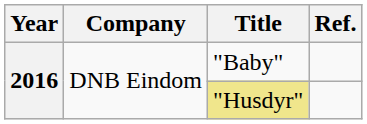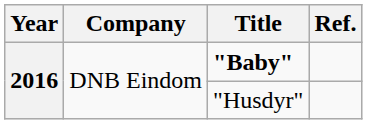 <table class="wikitable sortable plainrowheaders">
 <tr>
 <th scope="col">Year</th>
 <th scope="col">Company</th>
 <th scope="col">Title</th>
 <th scope="col">Ref.</th>
 </tr>
 <tr>
 <th scope="row" rowspan="2">2016</th>
 <td rowspan="2">DNB Eindom</td>
-<td>"Baby"</td>
+<td><strong>"Baby"</strong></td>
 <td align="center"></td>
 </tr>
 <tr>
-<td style="background: khaki;">"Husdyr"</td>
+<td>"Husdyr"</td>
 <td align="center"></td>
 </tr>
 </table>
